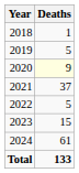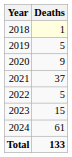 <table class="wikitable floatright" style="text-align:right">
 <tr>
 <th>Year</th>
 <th>Deaths</th>
 </tr>
 <tr>
 <td>2018</td>
-<td>1</td>
+<td style="background: lightyellow;">1</td>
 </tr>
 <tr>
 <td>2019</td>
 <td>5</td>
 </tr>
 <tr>
 <td>2020</td>
-<td style="background: lightyellow;">9</td>
+<td>9</td>
 </tr>
 <tr>
 <td>2021</td>
 <td>37</td>
 </tr>
 <tr>
 <td>2022</td>
 <td>5</td>
 </tr>
 <tr>
 <td>2023</td>
 <td>15</td>
 </tr>
 <tr>
 <td>2024</td>
 <td>61</td>
 </tr>
 <tr>
 <td><strong>Total</strong></td>
 <td><strong>133</strong></td>
 </tr>
 </table>
